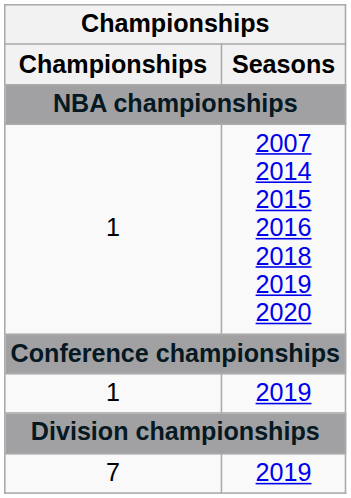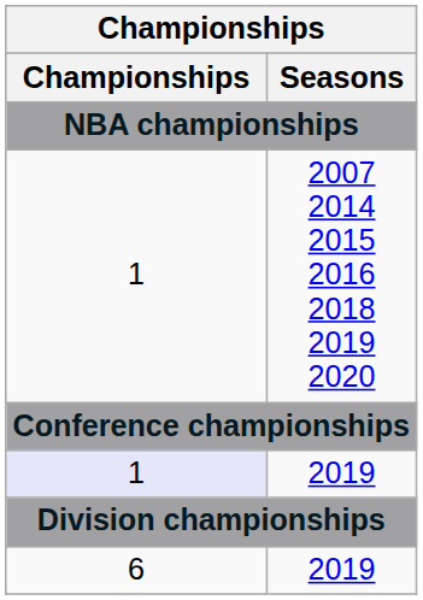 <table class="wikitable" style="text-align:center">
 <tr>
 <th colspan="2">Championships</th>
 </tr>
 <tr>
 <th>Championships</th>
 <th>Seasons</th>
 </tr>
 <tr>
 <th colspan="2" style="text-align:center; background:#A1A1A4; color:#061922;">NBA championships</th>
 </tr>
 <tr>
 <td>1</td>
 <td><a href='#'>2007</a><br><a href='#'>2014</a><br><a href='#'>2015</a><br><a href='#'>2016</a><br><a href='#'>2018</a><br><a href='#'>2019</a><br><a href='#'>2020</a></td>
 </tr>
 <tr>
 <th colspan="2" style="text-align:center; background:#A1A1A4; color:#061922;">Conference championships</th>
 </tr>
 <tr>
-<td>1</td>
+<td style="background: lavender;">1</td>
 <td><a href='#'>2019</a></td>
 </tr>
 <tr>
 <th colspan="2" style="text-align:center; background:#A1A1A4; color:#061922;">Division championships</th>
 </tr>
 <tr>
-<td>7</td>
+<td>6</td>
 <td><a href='#'>2019</a></td>
 </tr>
 </table>
